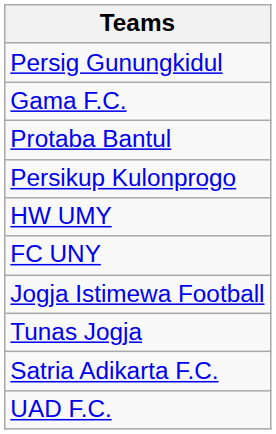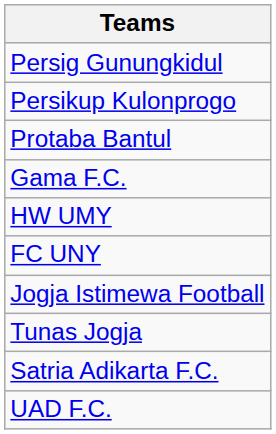 <table class="wikitable">
 <tr>
 <th><strong>Teams</strong></th>
 </tr>
 <tr>
 <td><a href='#'>Persig Gunungkidul</a></td>
 </tr>
 <tr>
-<td><a href='#'>Gama F.C.</a></td>
+<td><a href='#'>Persikup Kulonprogo</a></td>
 </tr>
 <tr>
 <td><a href='#'>Protaba Bantul</a></td>
 </tr>
 <tr>
-<td><a href='#'>Persikup Kulonprogo</a></td>
+<td><a href='#'>Gama F.C.</a></td>
 </tr>
 <tr>
 <td><a href='#'>HW UMY</a></td>
 </tr>
 <tr>
 <td><a href='#'>FC UNY</a></td>
 </tr>
 <tr>
 <td><a href='#'>Jogja Istimewa Football</a></td>
 </tr>
 <tr>
 <td><a href='#'>Tunas Jogja</a></td>
 </tr>
 <tr>
 <td><a href='#'>Satria Adikarta F.C.</a></td>
 </tr>
 <tr>
 <td><a href='#'>UAD F.C.</a></td>
 </tr>
 </table>
